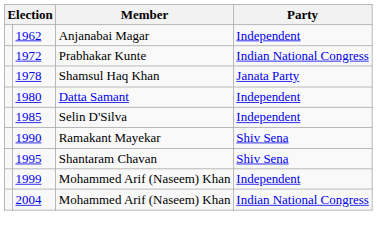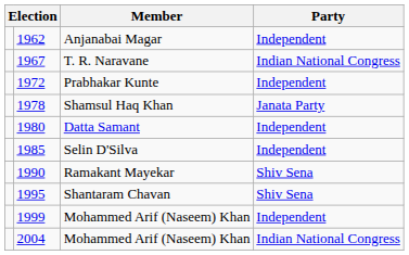 <table class="wikitable">
 <tr>
 <th colspan="2">Election</th>
 <th>Member</th>
 <th>Party</th>
 </tr>
 <tr>
 <td style="background-color: "></td>
 <td><a href='#'>1962</a></td>
 <td>Anjanabai Magar</td>
 <td><a href='#'>Independent</a></td>
 </tr>
 <tr>
 <td style="background-color: "></td>
+<td><a href='#'>1967</a></td>
+<td>T. R. Naravane</td>
+<td><a href='#'>Indian National Congress</a></td>
+</tr>
+<tr>
+<td style="background-color: "></td>
 <td><a href='#'>1972</a></td>
 <td>Prabhakar Kunte</td>
-<td><a href='#'>Indian National Congress</a></td>
+<td><a href='#'>Independent</a></td>
 </tr>
 <tr>
 <td style="background-color: "></td>
 <td><a href='#'>1978</a></td>
 <td>Shamsul Haq Khan</td>
 <td><a href='#'>Janata Party</a></td>
 </tr>
 <tr>
 <td style="background-color: "></td>
 <td><a href='#'>1980</a></td>
 <td><a href='#'>Datta Samant</a></td>
 <td><a href='#'>Independent</a></td>
 </tr>
 <tr>
 <td style="background-color: "></td>
 <td><a href='#'>1985</a></td>
 <td>Selin D'Silva</td>
 <td><a href='#'>Independent</a></td>
 </tr>
 <tr>
 <td style="background-color: "></td>
 <td><a href='#'>1990</a></td>
 <td>Ramakant Mayekar</td>
 <td><a href='#'>Shiv Sena</a></td>
 </tr>
 <tr>
 <td style="background-color: "></td>
 <td><a href='#'>1995</a></td>
 <td>Shantaram Chavan</td>
 <td><a href='#'>Shiv Sena</a></td>
 </tr>
 <tr>
 <td style="background-color: "></td>
 <td><a href='#'>1999</a></td>
 <td>Mohammed Arif (Naseem) Khan</td>
 <td><a href='#'>Independent</a></td>
 </tr>
 <tr>
 <td style="background-color: "></td>
 <td><a href='#'>2004</a></td>
 <td>Mohammed Arif (Naseem) Khan</td>
 <td><a href='#'>Indian National Congress</a></td>
 </tr>
 </table>
